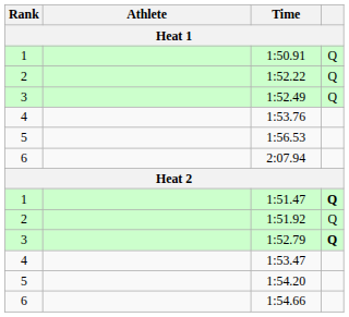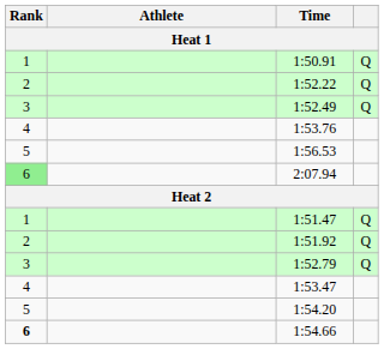 <table class=wikitable style="text-align:center">
 <tr>
 <th width=40>Rank</th>
 <th width=250>Athlete</th>
 <th width=80>Time</th>
 <th width=20></th>
 </tr>
 <tr>
 <th colspan=4>Heat 1</th>
 </tr>
 <tr bgcolor="ccffcc">
 <td>1</td>
 <td align=left></td>
 <td>1:50.91</td>
 <td>Q</td>
 </tr>
 <tr bgcolor="ccffcc">
 <td>2</td>
 <td align=left></td>
 <td>1:52.22</td>
 <td>Q</td>
 </tr>
 <tr bgcolor="ccffcc">
 <td>3</td>
 <td align=left></td>
 <td>1:52.49</td>
 <td>Q</td>
 </tr>
 <tr>
 <td>4</td>
 <td align=left></td>
 <td>1:53.76</td>
 <td></td>
 </tr>
 <tr>
 <td>5</td>
 <td align=left></td>
 <td>1:56.53</td>
 <td></td>
 </tr>
 <tr>
-<td>6</td>
+<td style="background: lightgreen;">6</td>
 <td align=left></td>
 <td>2:07.94</td>
 <td></td>
 </tr>
 <tr>
 <th colspan=4>Heat 2</th>
 </tr>
 <tr bgcolor="ccffcc">
 <td>1</td>
 <td align=left></td>
 <td>1:51.47</td>
-<td><strong>Q</strong></td>
+<td>Q</td>
 </tr>
 <tr bgcolor="ccffcc">
 <td>2</td>
 <td align=left></td>
 <td>1:51.92</td>
 <td>Q</td>
 </tr>
 <tr bgcolor="ccffcc">
 <td>3</td>
 <td align=left></td>
 <td>1:52.79</td>
-<td><strong>Q</strong></td>
+<td>Q</td>
 </tr>
 <tr>
 <td>4</td>
 <td align=left></td>
 <td>1:53.47</td>
 <td></td>
 </tr>
 <tr>
 <td>5</td>
 <td align=left></td>
 <td>1:54.20</td>
 <td></td>
 </tr>
 <tr>
-<td>6</td>
+<td><strong>6</strong></td>
 <td align=left></td>
 <td>1:54.66</td>
 <td></td>
 </tr>
 </table>
